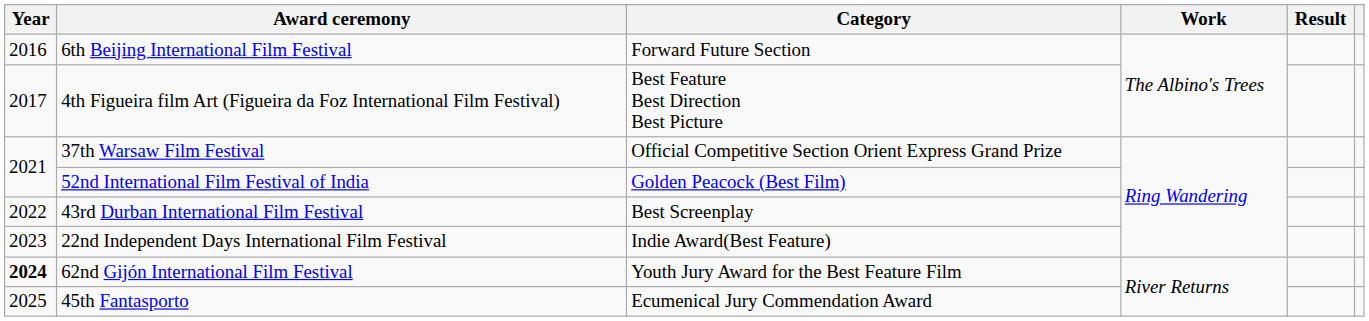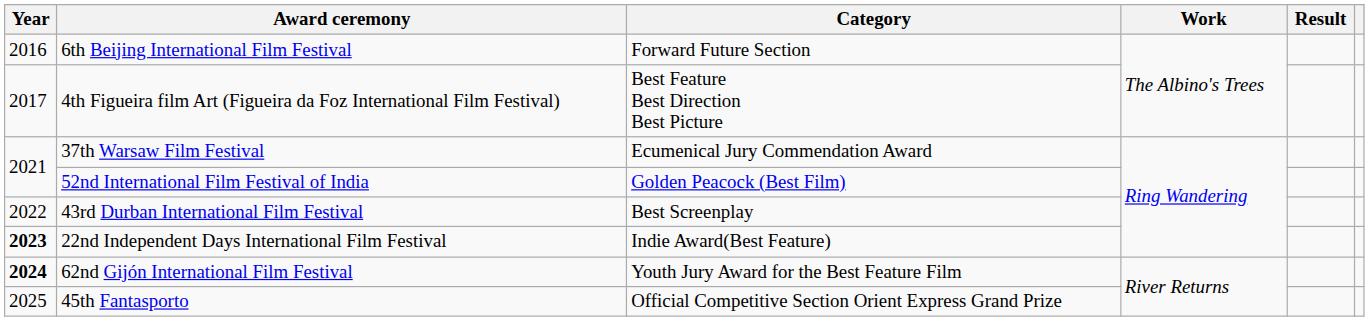 <table class="wikitable sortable plainrowheaders" style="width: 72.8%;">
 <tr style="background:#ccc; text-align:center;">
 <th scope="col">Year</th>
 <th scope="col">Award ceremony</th>
 <th scope="col">Category</th>
 <th scope="col">Work</th>
 <th scope="col">Result</th>
 <th scope="col" class="unsortable"></th>
 </tr>
 <tr>
 <td>2016</td>
 <td>6th <a href='#'>Beijing International Film Festival</a></td>
 <td>Forward Future Section</td>
 <td rowspan=2><em>The Albino's Trees</em></td>
 <td></td>
 <td style="text-align:center"></td>
 </tr>
 <tr>
 <td>2017</td>
 <td>4th Figueira film Art (Figueira da Foz International Film Festival)</td>
 <td>Best Feature<br>Best Direction<br>Best Picture</td>
 <td></td>
 <td style="text-align:center"></td>
 </tr>
 <tr>
 <td rowspan=2>2021</td>
 <td>37th <a href='#'>Warsaw Film Festival</a></td>
-<td>Official Competitive Section Orient Express Grand Prize</td>
+<td>Ecumenical Jury Commendation Award</td>
 <td rowspan=4><em><a href='#'>Ring Wandering</a></em></td>
 <td></td>
 <td style="text-align:center"></td>
 </tr>
 <tr>
 <td><a href='#'>52nd International Film Festival of India</a></td>
 <td><a href='#'>Golden Peacock (Best Film)</a></td>
 <td></td>
 <td style="text-align:center"></td>
 </tr>
 <tr>
 <td>2022</td>
 <td>43rd <a href='#'>Durban International Film Festival</a></td>
 <td>Best Screenplay</td>
 <td></td>
 <td style="text-align:center"></td>
 </tr>
 <tr>
-<td>2023</td>
+<td><strong>2023</strong></td>
 <td>22nd Independent Days International Film Festival</td>
 <td>Indie Award(Best Feature)</td>
 <td></td>
 <td style="text-align:center"></td>
 </tr>
 <tr>
 <td><strong>2024</strong></td>
 <td>62nd <a href='#'>Gijón International Film Festival</a></td>
 <td>Youth Jury Award for the Best Feature Film</td>
 <td rowspan=4><em>River Returns</em></td>
 <td></td>
 <td style="text-align:center"></td>
 </tr>
 <tr>
 <td rowspan=2>2025</td>
 <td>45th <a href='#'>Fantasporto</a></td>
-<td>Ecumenical Jury Commendation Award</td>
+<td>Official Competitive Section Orient Express Grand Prize</td>
 <td></td>
 <td style="text-align:center"></td>
 </tr>
 </table>
